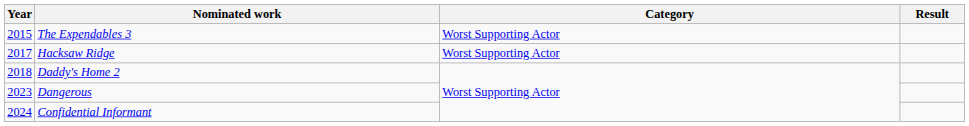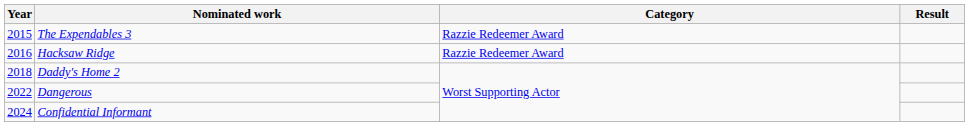 <table class="wikitable">
 <tr>
 <th scope="col" style="width:1em;">Year</th>
 <th scope="col" style="width:35em;">Nominated work</th>
 <th scope="col" style="width:40em;">Category</th>
 <th scope="col" style="width:5em;">Result</th>
 </tr>
 <tr>
 <td><a href='#'>2015</a></td>
 <td><em><a href='#'>The Expendables 3</a></em></td>
-<td><a href='#'>Worst Supporting Actor</a></td>
+<td><a href='#'>Razzie Redeemer Award</a></td>
 <td></td>
 </tr>
 <tr>
-<td><a href='#'>2017</a></td>
+<td><a href='#'>2016</a></td>
 <td><em><a href='#'>Hacksaw Ridge</a></em></td>
-<td><a href='#'>Worst Supporting Actor</a></td>
+<td><a href='#'>Razzie Redeemer Award</a></td>
 <td></td>
 </tr>
 <tr>
 <td><a href='#'>2018</a></td>
 <td><em><a href='#'>Daddy's Home 2</a></em></td>
 <td rowspan="3"><a href='#'>Worst Supporting Actor</a></td>
 <td></td>
 </tr>
 <tr>
-<td><a href='#'>2023</a></td>
+<td><a href='#'>2022</a></td>
 <td><em><a href='#'>Dangerous</a></em></td>
 <td></td>
 </tr>
 <tr>
 <td><a href='#'>2024</a></td>
 <td><em><a href='#'>Confidential Informant</a></em></td>
 <td></td>
 </tr>
 </table>
